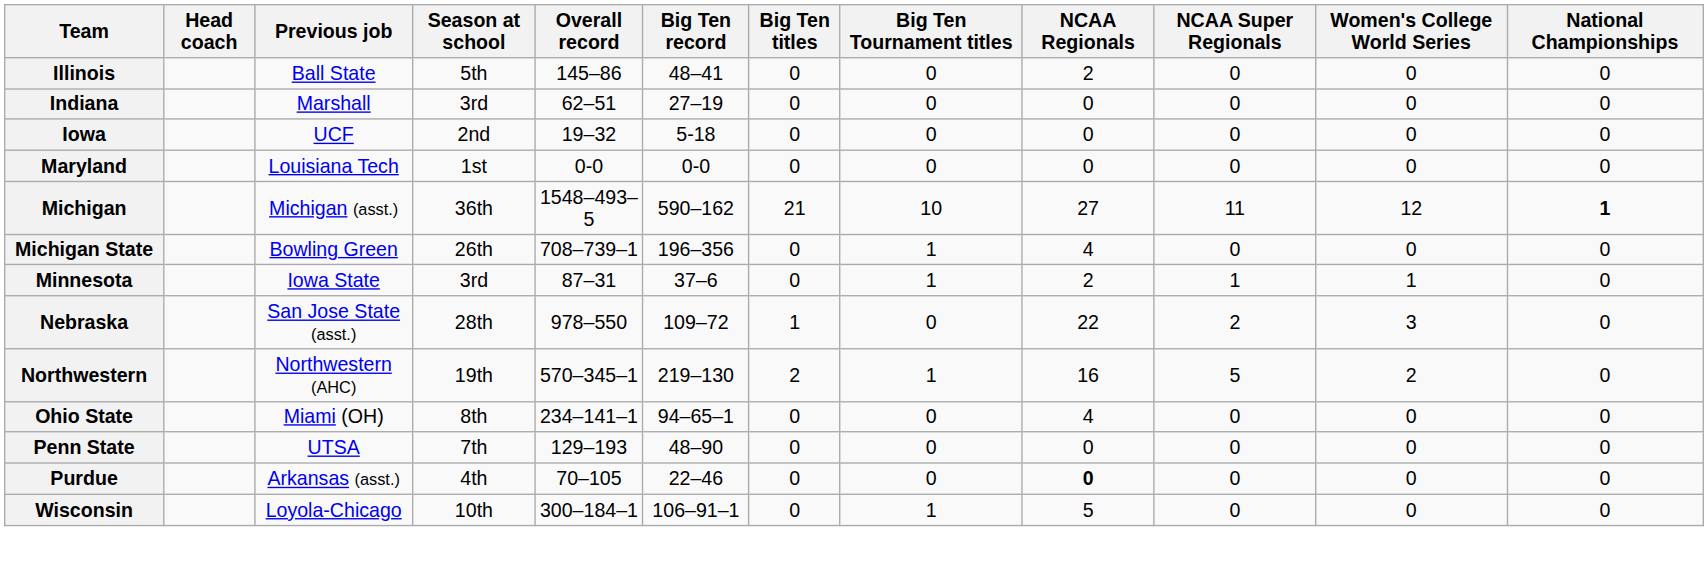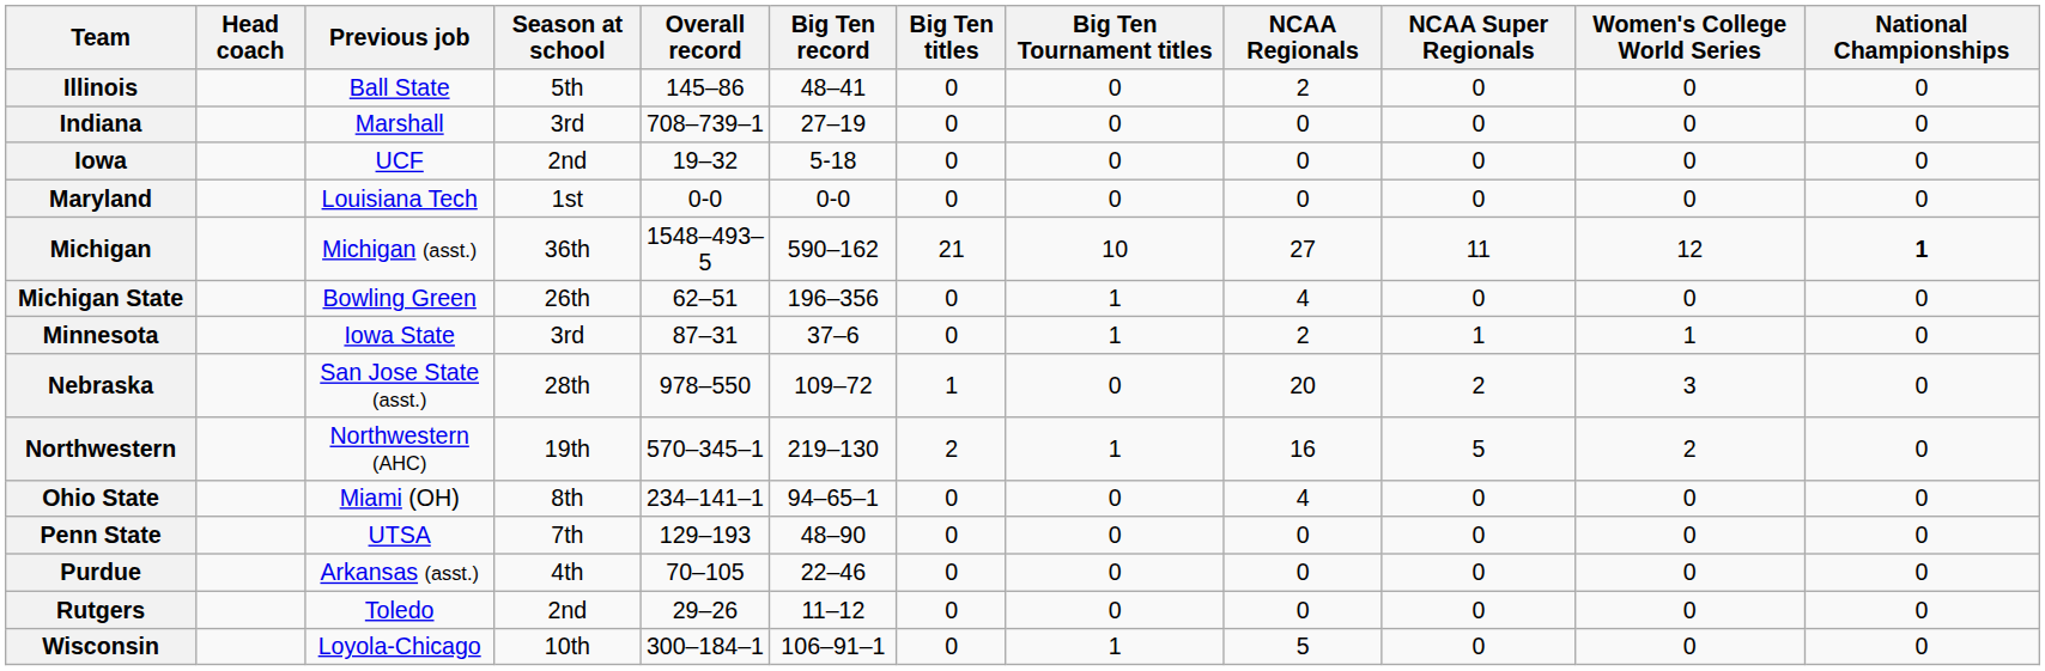 <table class="wikitable sortable" style="text-align: center;font-size:90%;">
 <tr>
 <th width="110">Team</th>
 <th>Head coach</th>
 <th>Previous job</th>
 <th>Season at school</th>
 <th>Overall record</th>
 <th>Big Ten record</th>
 <th>Big Ten titles</th>
 <th>Big Ten Tournament titles</th>
 <th>NCAA Regionals</th>
 <th>NCAA Super Regionals</th>
 <th>Women's College World Series</th>
 <th>National Championships</th>
 </tr>
 <tr>
 <th>Illinois</th>
 <td></td>
 <td><a href='#'>Ball State</a></td>
 <td>5th</td>
 <td>145–86</td>
 <td>48–41</td>
 <td>0</td>
 <td>0</td>
 <td>2</td>
 <td>0</td>
 <td>0</td>
 <td>0</td>
 </tr>
 <tr>
 <th>Indiana</th>
 <td></td>
 <td><a href='#'>Marshall</a></td>
 <td>3rd</td>
-<td>62–51</td>
+<td>708–739–1</td>
 <td>27–19</td>
 <td>0</td>
 <td>0</td>
 <td>0</td>
 <td>0</td>
 <td>0</td>
 <td>0</td>
 </tr>
 <tr>
 <th>Iowa</th>
 <td></td>
 <td><a href='#'>UCF</a></td>
 <td>2nd</td>
 <td>19–32</td>
 <td>5-18</td>
 <td>0</td>
 <td>0</td>
 <td>0</td>
 <td>0</td>
 <td>0</td>
 <td>0</td>
 </tr>
 <tr>
 <th>Maryland</th>
 <td></td>
 <td><a href='#'>Louisiana Tech</a></td>
 <td>1st</td>
 <td>0-0</td>
 <td>0-0</td>
 <td>0</td>
 <td>0</td>
 <td>0</td>
 <td>0</td>
 <td>0</td>
 <td>0</td>
 </tr>
 <tr>
 <th>Michigan</th>
 <td></td>
 <td><a href='#'>Michigan</a> <small>(asst.)</small></td>
 <td>36th</td>
 <td>1548–493–5</td>
 <td>590–162</td>
 <td>21</td>
 <td>10</td>
 <td>27</td>
 <td>11</td>
 <td>12</td>
 <td><strong>1</strong></td>
 </tr>
 <tr>
 <th>Michigan State</th>
 <td></td>
 <td><a href='#'>Bowling Green</a></td>
 <td>26th</td>
-<td>708–739–1</td>
+<td>62–51</td>
 <td>196–356</td>
 <td>0</td>
 <td>1</td>
 <td>4</td>
 <td>0</td>
 <td>0</td>
 <td>0</td>
 </tr>
 <tr>
 <th>Minnesota</th>
 <td></td>
 <td><a href='#'>Iowa State</a></td>
 <td>3rd</td>
 <td>87–31</td>
 <td>37–6</td>
 <td>0</td>
 <td>1</td>
 <td>2</td>
 <td>1</td>
 <td>1</td>
 <td>0</td>
 </tr>
 <tr>
 <th>Nebraska</th>
 <td></td>
 <td><a href='#'>San Jose State</a> <small>(asst.)</small></td>
 <td>28th</td>
 <td>978–550</td>
 <td>109–72</td>
 <td>1</td>
 <td>0</td>
-<td>22</td>
+<td>20</td>
 <td>2</td>
 <td>3</td>
 <td>0</td>
 </tr>
 <tr>
 <th>Northwestern</th>
 <td></td>
 <td><a href='#'>Northwestern</a> <small>(AHC)</small></td>
 <td>19th</td>
 <td>570–345–1</td>
 <td>219–130</td>
 <td>2</td>
 <td>1</td>
 <td>16</td>
 <td>5</td>
 <td>2</td>
 <td>0</td>
 </tr>
 <tr>
 <th>Ohio State</th>
 <td></td>
 <td><a href='#'>Miami</a> (OH)</td>
 <td>8th</td>
 <td>234–141–1</td>
 <td>94–65–1</td>
 <td>0</td>
 <td>0</td>
 <td>4</td>
 <td>0</td>
 <td>0</td>
 <td>0</td>
 </tr>
 <tr>
 <th>Penn State</th>
 <td></td>
 <td><a href='#'>UTSA</a></td>
 <td>7th</td>
 <td>129–193</td>
 <td>48–90</td>
 <td>0</td>
 <td>0</td>
 <td>0</td>
 <td>0</td>
 <td>0</td>
 <td>0</td>
 </tr>
 <tr>
 <th>Purdue</th>
 <td></td>
 <td><a href='#'>Arkansas</a> <small>(asst.)</small></td>
 <td>4th</td>
 <td>70–105</td>
 <td>22–46</td>
 <td>0</td>
 <td>0</td>
-<td><strong>0</strong></td>
+<td>0</td>
+<td>0</td>
+<td>0</td>
+<td>0</td>
+</tr>
+<tr>
+<th>Rutgers</th>
+<td></td>
+<td><a href='#'>Toledo</a></td>
+<td>2nd</td>
+<td>29–26</td>
+<td>11–12</td>
+<td>0</td>
+<td>0</td>
+<td>0</td>
 <td>0</td>
 <td>0</td>
 <td>0</td>
 </tr>
 <tr>
 <th>Wisconsin</th>
 <td></td>
 <td><a href='#'>Loyola-Chicago</a></td>
 <td>10th</td>
 <td>300–184–1</td>
 <td>106–91–1</td>
 <td>0</td>
 <td>1</td>
 <td>5</td>
 <td>0</td>
 <td>0</td>
 <td>0</td>
 </tr>
 </table>
